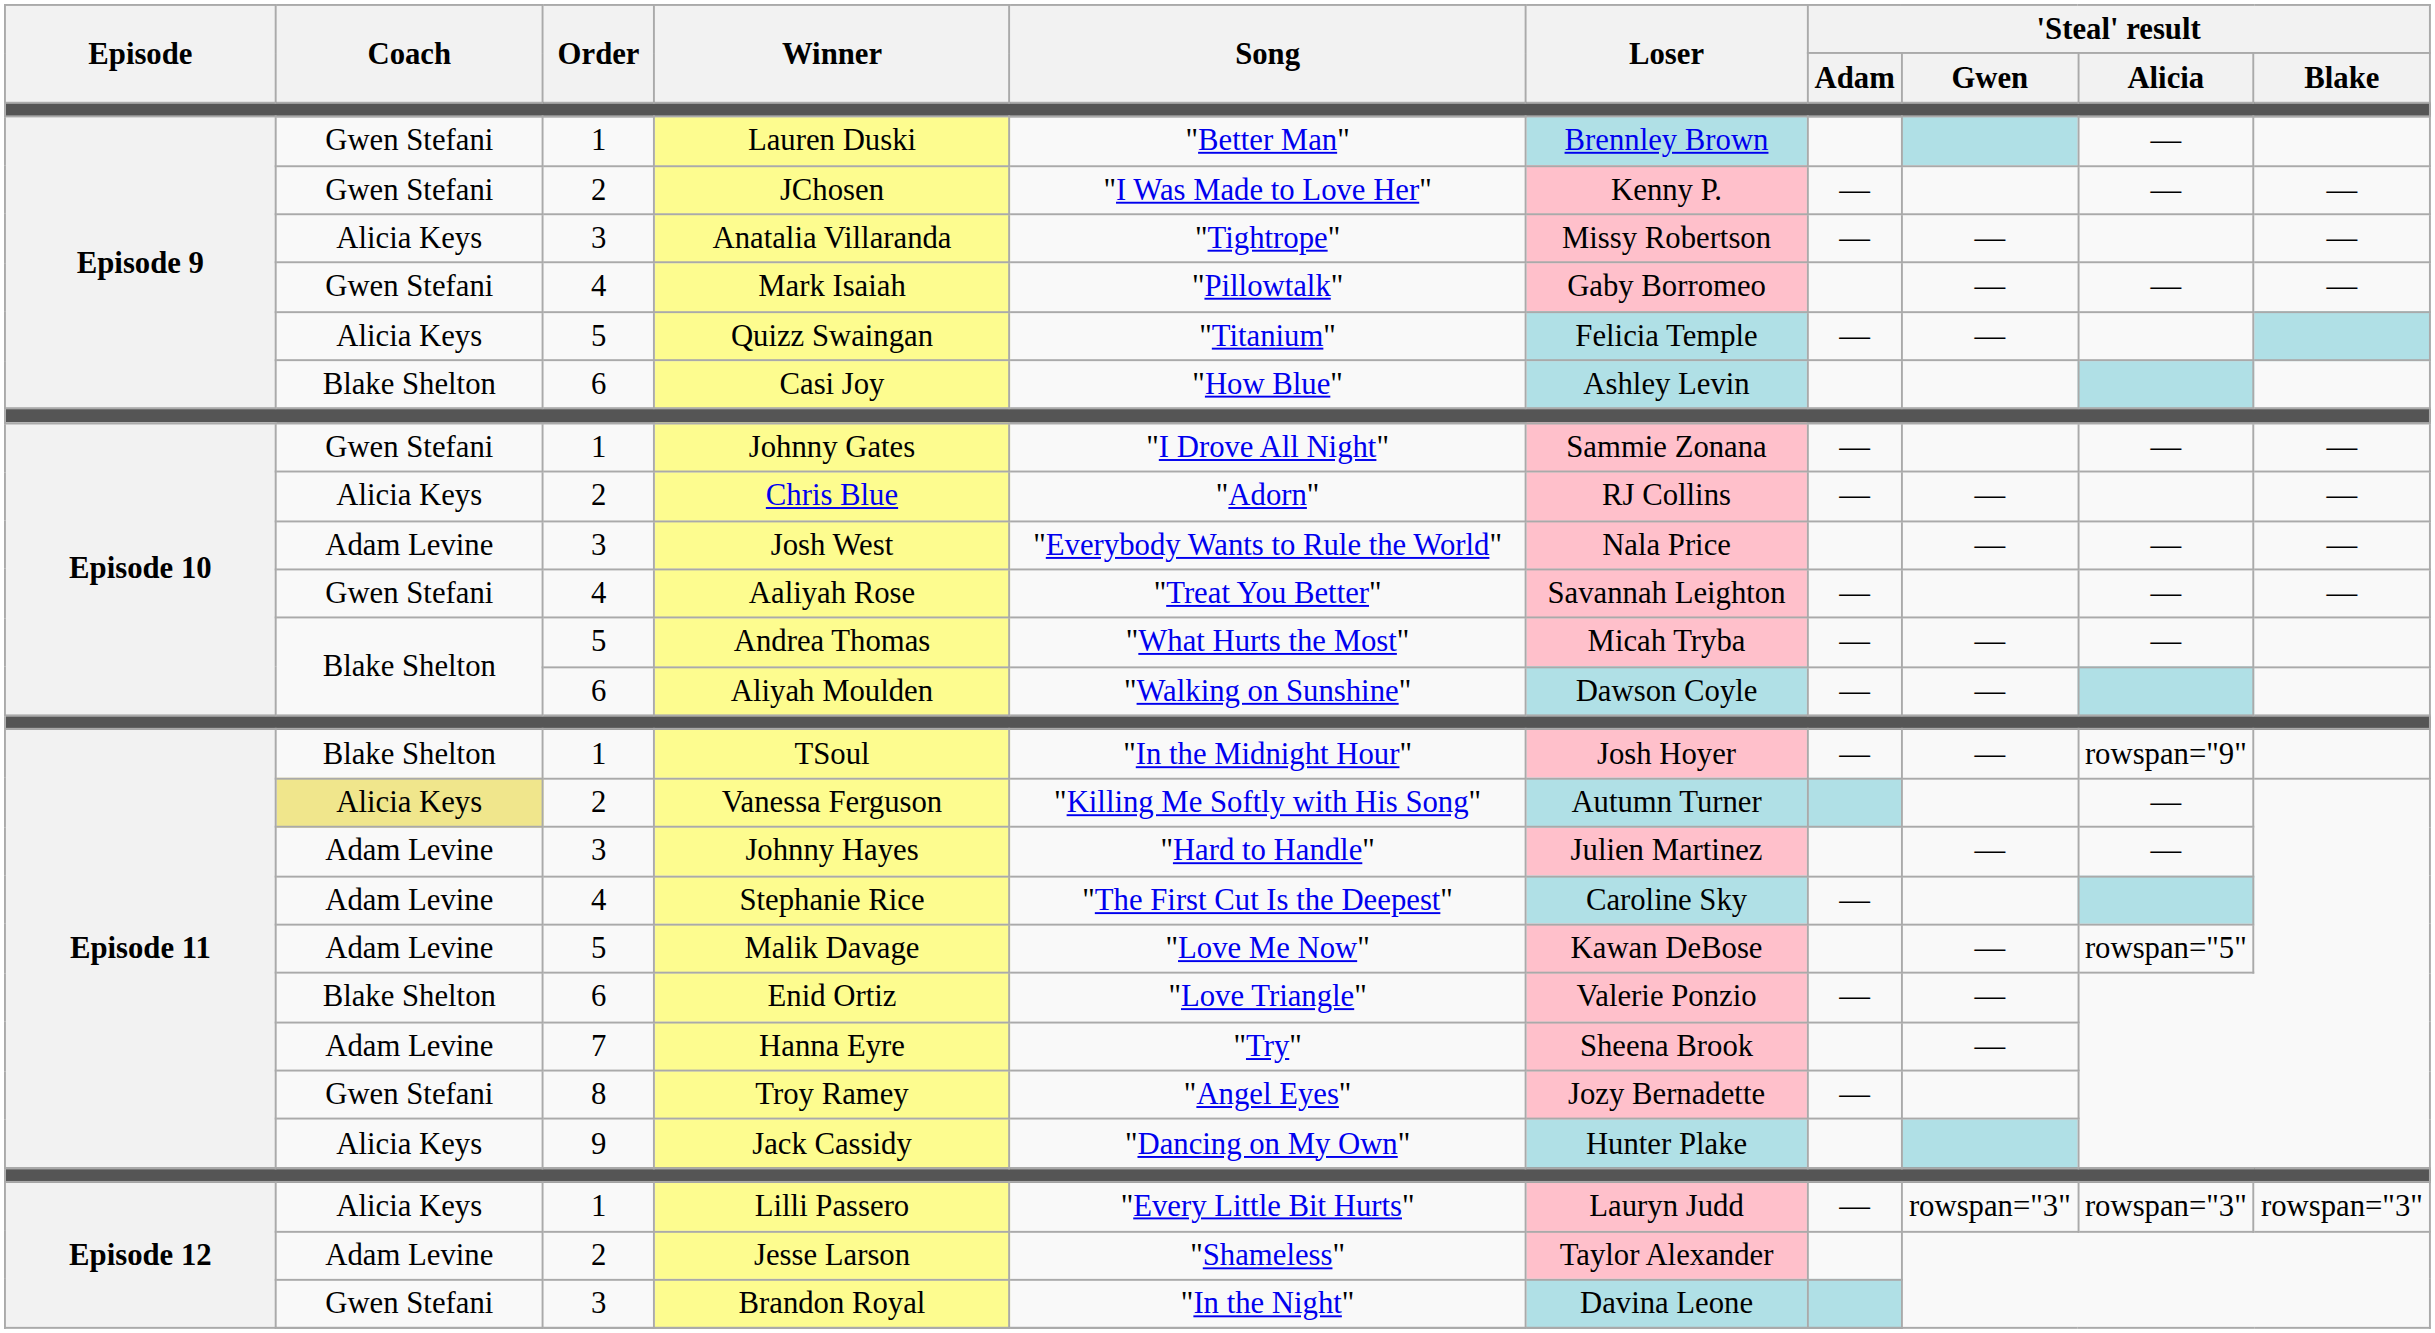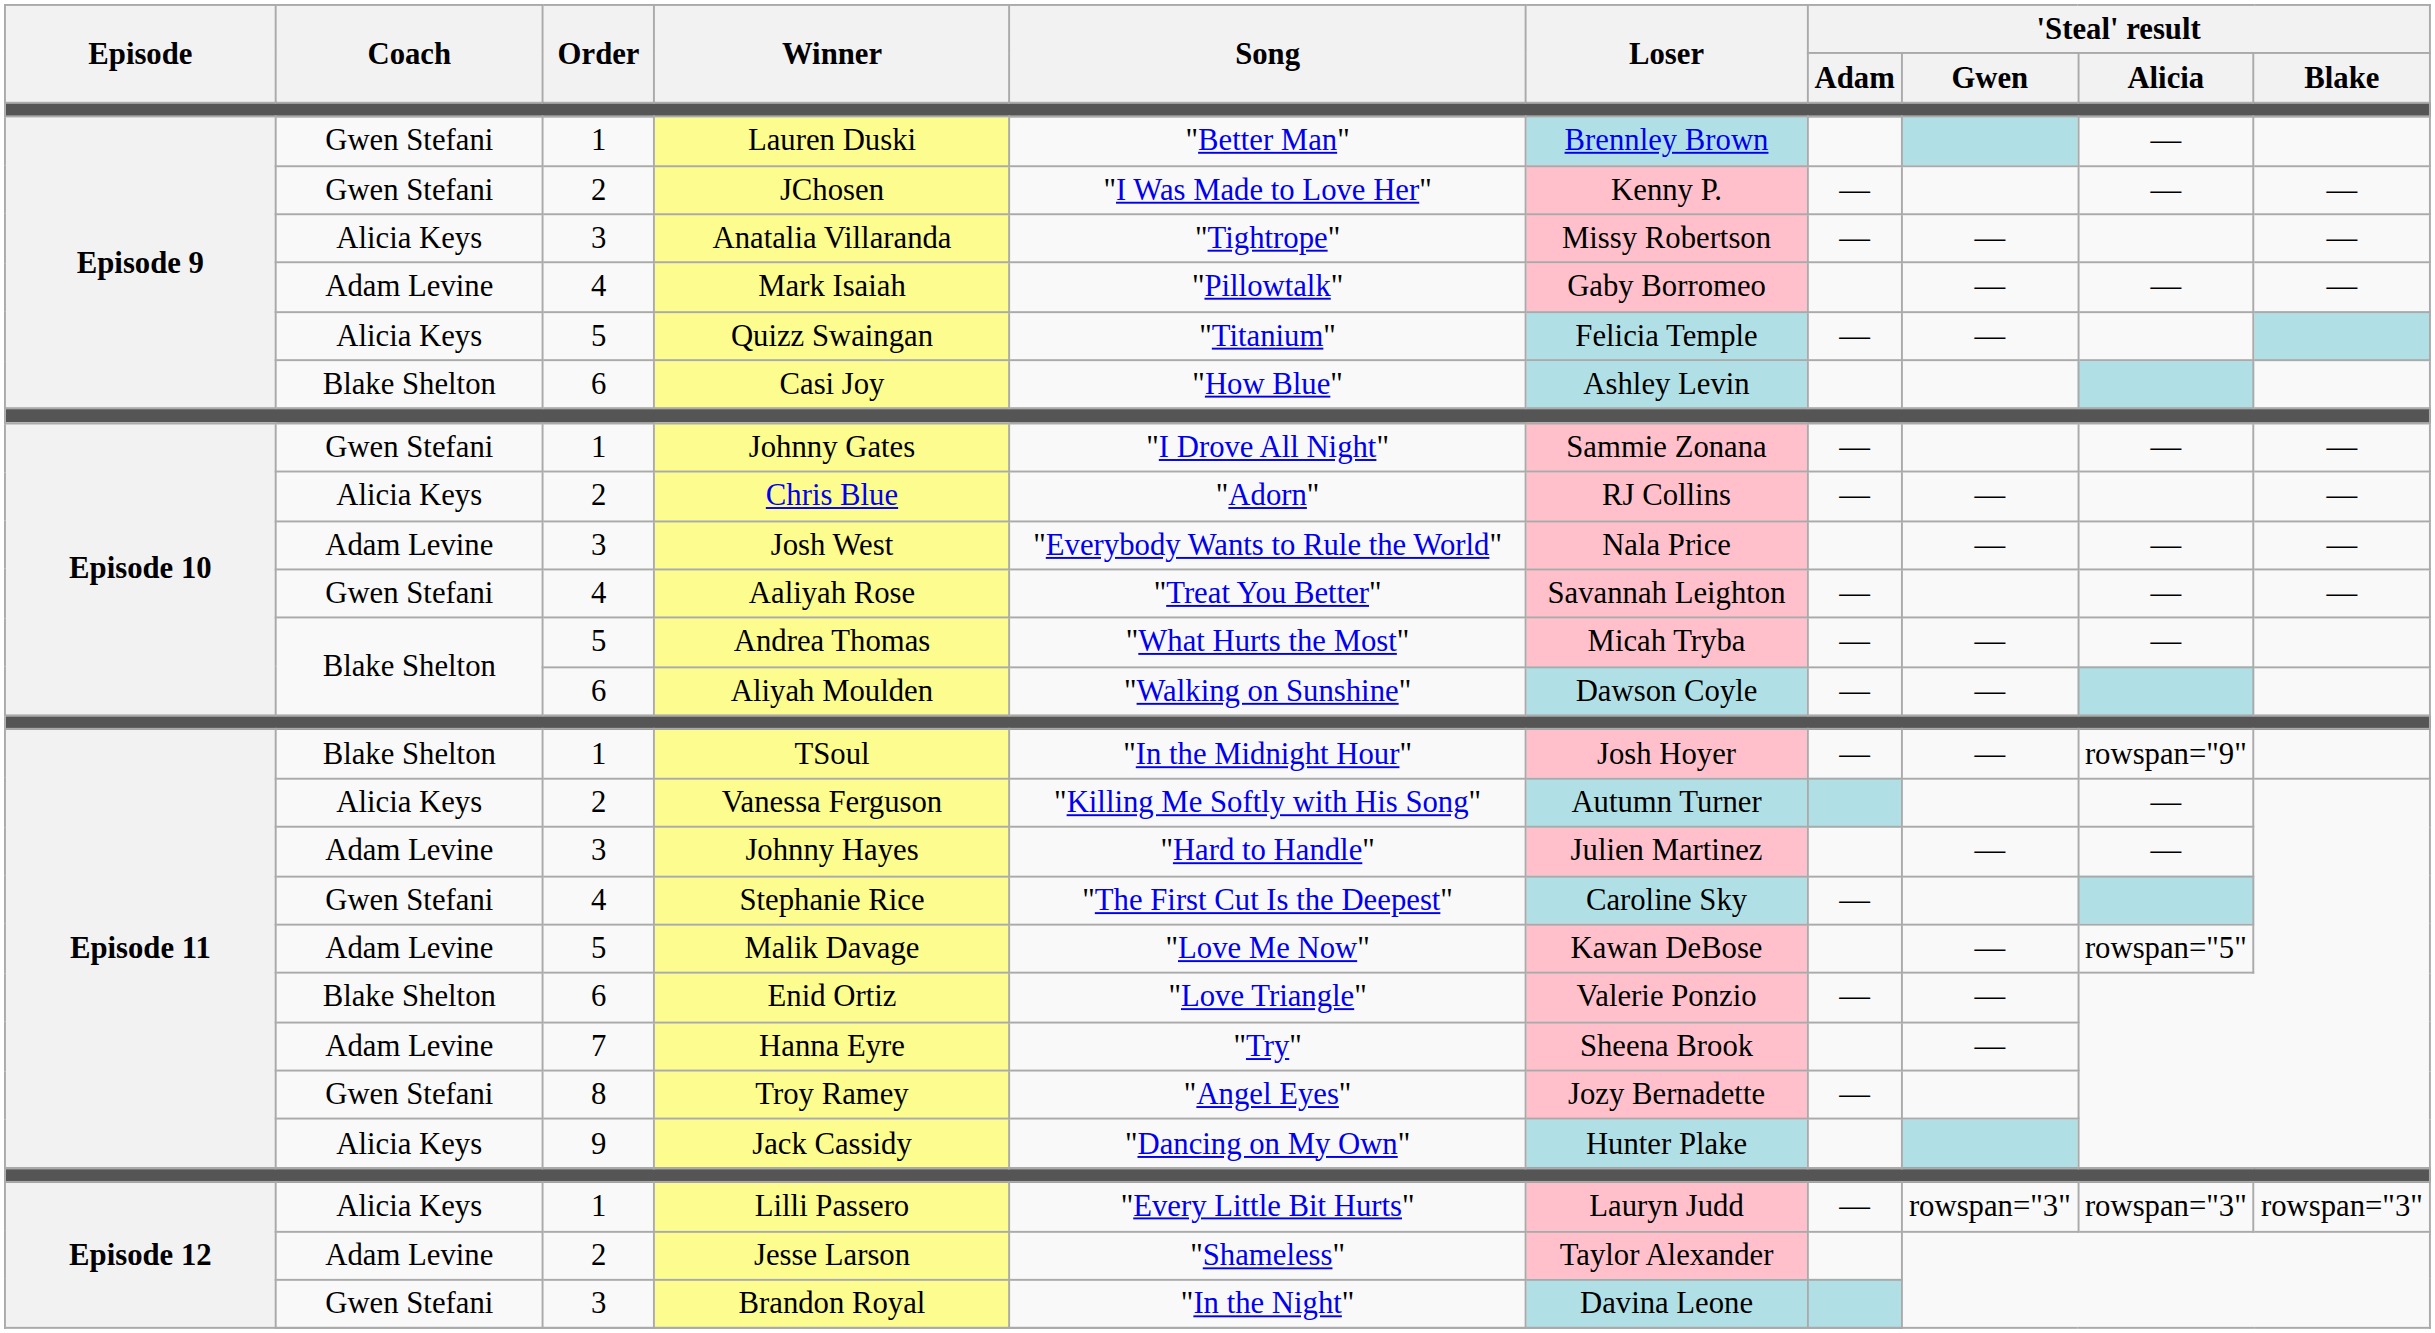 <table class="wikitable" style="text-align: center; width:100%;">
 <tr>
 <th rowspan="2" style="width:15%;">Episode</th>
 <th rowspan="2" style="width:15%;">Coach</th>
 <th rowspan="2" style="width:05%;">Order</th>
 <th rowspan="2" style="width:20%;">Winner</th>
 <th rowspan="2" style="width:30%;">Song</th>
 <th rowspan="2" style="width:20%;">Loser</th>
 <th colspan="4" style="width:20%;">'Steal' result</th>
 </tr>
 <tr>
 <th style="width:05%;">Adam</th>
 <th style="width:05%;">Gwen</th>
 <th style="width:05%;">Alicia</th>
 <th style="width:05%;">Blake</th>
 </tr>
 <tr>
 <td colspan="10" style="background:#555;"></td>
 </tr>
 <tr>
 <th rowspan="6">Episode 9<br><small></small></th>
 <td>Gwen Stefani</td>
 <td>1</td>
 <td style="background:#fdfc8f;">Lauren Duski</td>
 <td>"<a href='#'>Better Man</a>"</td>
 <td style="background:#B0E0E6;"><a href='#'>Brennley Brown</a></td>
 <td><strong></strong></td>
 <td style="background:#B0E0E6;"><strong></strong></td>
 <td>—</td>
 <td></td>
 </tr>
 <tr>
 <td>Gwen Stefani</td>
 <td>2</td>
 <td style="background:#fdfc8f;">JChosen</td>
 <td>"<a href='#'>I Was Made to Love Her</a>"</td>
 <td style="background:pink;">Kenny P.</td>
 <td>—</td>
 <td></td>
 <td>—</td>
 <td>—</td>
 </tr>
 <tr>
 <td>Alicia Keys</td>
 <td>3</td>
 <td style="background:#fdfc8f">Anatalia Villaranda</td>
 <td>"<a href='#'>Tightrope</a>"</td>
 <td style="background:pink;">Missy Robertson</td>
 <td>—</td>
 <td>—</td>
 <td></td>
 <td>—</td>
 </tr>
 <tr>
-<td>Gwen Stefani</td>
+<td>Adam Levine</td>
 <td>4</td>
 <td style="background:#fdfc8f">Mark Isaiah</td>
 <td>"<a href='#'>Pillowtalk</a>"</td>
 <td style="background:pink;">Gaby Borromeo</td>
 <td></td>
 <td>—</td>
 <td>—</td>
 <td>—</td>
 </tr>
 <tr>
 <td>Alicia Keys</td>
 <td>5</td>
 <td style="background:#fdfc8f">Quizz Swaingan</td>
 <td>"<a href='#'>Titanium</a>"</td>
 <td style="background:#B0E0E6;">Felicia Temple</td>
 <td>—</td>
 <td>—</td>
 <td></td>
 <td style="background:#B0E0E6;"><strong></strong></td>
 </tr>
 <tr>
 <td>Blake Shelton</td>
 <td>6</td>
 <td style="background:#fdfc8f">Casi Joy</td>
 <td>"<a href='#'>How Blue</a>"</td>
 <td style="background:#B0E0E6;">Ashley Levin</td>
 <td><strong></strong></td>
 <td><strong></strong></td>
 <td style="background:#B0E0E6;"><strong></strong></td>
 <td></td>
 </tr>
 <tr>
 <td colspan="10" style="background:#555;"></td>
 </tr>
 <tr>
 <th rowspan="6">Episode 10<br><small></small></th>
 <td>Gwen Stefani</td>
 <td>1</td>
 <td style="background:#fdfc8f;">Johnny Gates</td>
 <td>"<a href='#'>I Drove All Night</a>"</td>
 <td style="background:pink;">Sammie Zonana</td>
 <td>—</td>
 <td></td>
 <td>—</td>
 <td>—</td>
 </tr>
 <tr>
 <td>Alicia Keys</td>
 <td>2</td>
 <td style="background:#fdfc8f;"><a href='#'>Chris Blue</a></td>
 <td>"<a href='#'>Adorn</a>"</td>
 <td style="background:pink;">RJ Collins</td>
 <td>—</td>
 <td>—</td>
 <td></td>
 <td>—</td>
 </tr>
 <tr>
 <td>Adam Levine</td>
 <td>3</td>
 <td style="background:#fdfc8f;">Josh West</td>
 <td>"<a href='#'>Everybody Wants to Rule the World</a>"</td>
 <td style="background:pink;">Nala Price</td>
 <td></td>
 <td>—</td>
 <td>—</td>
 <td>—</td>
 </tr>
 <tr>
 <td>Gwen Stefani</td>
 <td>4</td>
 <td style="background:#fdfc8f;">Aaliyah Rose</td>
 <td>"<a href='#'>Treat You Better</a>"</td>
 <td style="background:pink;">Savannah Leighton</td>
 <td>—</td>
 <td></td>
 <td>—</td>
 <td>—</td>
 </tr>
 <tr>
 <td rowspan=2>Blake Shelton</td>
 <td>5</td>
 <td style="background:#fdfc8f;">Andrea Thomas</td>
 <td>"<a href='#'>What Hurts the Most</a>"</td>
 <td style="background:pink;">Micah Tryba</td>
 <td>—</td>
 <td>—</td>
 <td>—</td>
 <td></td>
 </tr>
 <tr>
 <td>6</td>
 <td style="background:#fdfc8f;">Aliyah Moulden</td>
 <td>"<a href='#'>Walking on Sunshine</a>"</td>
 <td style="background:#B0E0E6;">Dawson Coyle</td>
 <td>—</td>
 <td>—</td>
 <td style="background:#B0E0E6;"><strong></strong></td>
 <td></td>
 </tr>
 <tr>
 <td colspan="10" style="background:#555;"></td>
 </tr>
 <tr>
 <th rowspan="9">Episode 11<br><small></small></th>
 <td>Blake Shelton</td>
 <td>1</td>
 <td style="background:#fdfc8f;">TSoul</td>
 <td>"<a href='#'>In the Midnight Hour</a>"</td>
 <td style="background:pink;">Josh Hoyer</td>
 <td>—</td>
 <td>—</td>
 <td>rowspan="9" </td>
 <td></td>
 </tr>
 <tr>
-<td style="background: khaki;">Alicia Keys</td>
+<td>Alicia Keys</td>
 <td>2</td>
 <td style="background:#fdfc8f;">Vanessa Ferguson</td>
 <td>"<a href='#'>Killing Me Softly with His Song</a>"</td>
 <td style="background:#B0E0E6;">Autumn Turner</td>
 <td style="background:#B0E0E6;"><strong></strong></td>
 <td><strong></strong></td>
 <td>—</td>
 </tr>
 <tr>
 <td>Adam Levine</td>
 <td>3</td>
 <td style="background:#fdfc8f;">Johnny Hayes</td>
 <td>"<a href='#'>Hard to Handle</a>"</td>
 <td style="background:pink;">Julien Martinez</td>
 <td></td>
 <td>—</td>
 <td>—</td>
 </tr>
 <tr>
-<td>Adam Levine</td>
+<td>Gwen Stefani</td>
 <td>4</td>
 <td style="background:#fdfc8f;">Stephanie Rice</td>
 <td>"<a href='#'>The First Cut Is the Deepest</a>"</td>
 <td style="background:#B0E0E6;">Caroline Sky</td>
 <td>—</td>
 <td></td>
 <td style="background:#B0E0E6;"><strong></strong></td>
 </tr>
 <tr>
 <td>Adam Levine</td>
 <td>5</td>
 <td style="background:#fdfc8f;">Malik Davage</td>
 <td>"<a href='#'>Love Me Now</a>"</td>
 <td style="background:pink;">Kawan DeBose</td>
 <td></td>
 <td>—</td>
 <td>rowspan="5" </td>
 </tr>
 <tr>
 <td>Blake Shelton</td>
 <td>6</td>
 <td style="background:#fdfc8f;">Enid Ortiz</td>
 <td>"<a href='#'>Love Triangle</a>"</td>
 <td style="background:pink;">Valerie Ponzio</td>
 <td>—</td>
 <td>—</td>
 </tr>
 <tr>
 <td>Adam Levine</td>
 <td>7</td>
 <td style="background:#fdfc8f;">Hanna Eyre</td>
 <td>"<a href='#'>Try</a>"</td>
 <td style="background:pink;">Sheena Brook</td>
 <td></td>
 <td>—</td>
 </tr>
 <tr>
 <td>Gwen Stefani</td>
 <td>8</td>
 <td style="background:#fdfc8f;">Troy Ramey</td>
 <td>"<a href='#'>Angel Eyes</a>"</td>
 <td style="background:pink;">Jozy Bernadette</td>
 <td>—</td>
 <td></td>
 </tr>
 <tr>
 <td>Alicia Keys</td>
 <td>9</td>
 <td style="background:#fdfc8f;">Jack Cassidy</td>
 <td>"<a href='#'>Dancing on My Own</a>"</td>
 <td style="background:#B0E0E6;">Hunter Plake</td>
 <td><strong></strong></td>
 <td style="background:#B0E0E6;"><strong></strong></td>
 </tr>
 <tr>
 <td colspan="10" style="background:#555;"></td>
 </tr>
 <tr>
 <th rowspan="9">Episode 12<br><small></small></th>
 <td>Alicia Keys</td>
 <td>1</td>
 <td style="background:#fdfc8f;">Lilli Passero</td>
 <td>"<a href='#'>Every Little Bit Hurts</a>"</td>
 <td style="background:pink;">Lauryn Judd</td>
 <td>—</td>
 <td>rowspan="3" </td>
 <td>rowspan="3" </td>
 <td>rowspan="3" </td>
 </tr>
 <tr>
 <td>Adam Levine</td>
 <td>2</td>
 <td style="background:#fdfc8f;">Jesse Larson</td>
 <td>"<a href='#'>Shameless</a>"</td>
 <td style="background:pink;">Taylor Alexander</td>
 <td></td>
 </tr>
 <tr>
 <td>Gwen Stefani</td>
 <td>3</td>
 <td style="background:#fdfc8f;">Brandon Royal</td>
 <td>"<a href='#'>In the Night</a>"</td>
 <td style="background:#B0E0E6;">Davina Leone</td>
 <td style="background:#B0E0E6;"><strong></strong></td>
 </tr>
 <tr>
 </tr>
 </table>
